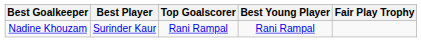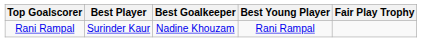 <table class=wikitable style="margin:auto; text-align:center">
 <tr>
+<th>Top Goalscorer</th>
+<th>Best Player</th>
 <th>Best Goalkeeper</th>
-<th>Best Player</th>
-<th>Top Goalscorer</th>
 <th>Best Young Player</th>
 <th>Fair Play Trophy</th>
 </tr>
 <tr>
+<td> <a href='#'>Rani Rampal</a></td>
+<td> <a href='#'>Surinder Kaur</a></td>
 <td> <a href='#'>Nadine Khouzam</a></td>
-<td> <a href='#'>Surinder Kaur</a></td>
-<td> <a href='#'>Rani Rampal</a></td>
 <td> <a href='#'>Rani Rampal</a></td>
 <td></td>
 </tr>
 </table>
